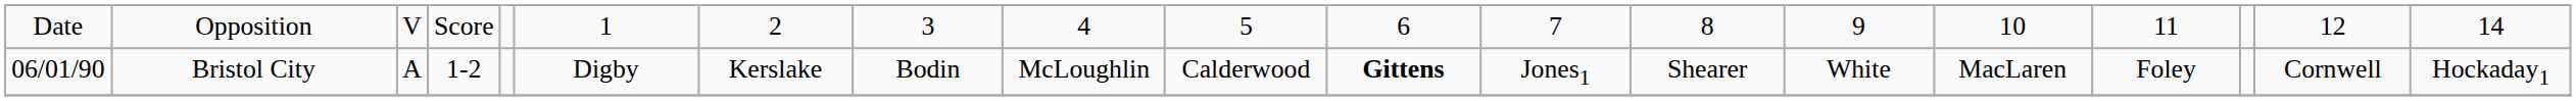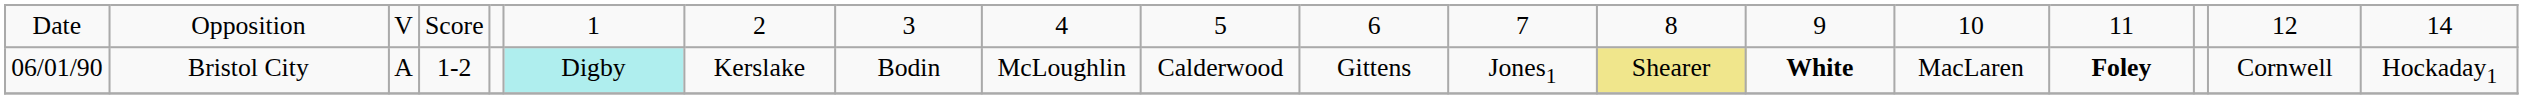 <table class="wikitable" style="font-size: 80%; text-align: center;">
 <tr style="text-align:center;">
 <td style="width:10px; ">Date</td>
 <td style="width:150px; ">Opposition</td>
 <td style="width:5px; ">V</td>
 <td style="width:5px; ">Score</td>
 <td style="width:1px; text-align:center;"></td>
 <td style="width:95px; ">1</td>
 <td style="width:75px; ">2</td>
 <td style="width:75px; ">3</td>
 <td style="width:75px; ">4</td>
 <td style="width:75px; ">5</td>
 <td style="width:75px; ">6</td>
 <td style="width:75px; ">7</td>
 <td style="width:75px; ">8</td>
 <td style="width:75px; ">9</td>
 <td style="width:75px; ">10</td>
 <td style="width:75px; ">11</td>
 <td style="width:1px; text-align:center;"></td>
 <td style="width:75px; ">12</td>
 <td style="width:75px; ">14</td>
 </tr>
 <tr>
 <td>06/01/90</td>
 <td>Bristol City</td>
 <td>A</td>
 <td>1-2</td>
 <td></td>
-<td>Digby</td>
+<td style="background: paleturquoise;">Digby</td>
 <td>Kerslake</td>
 <td>Bodin</td>
 <td>McLoughlin</td>
 <td>Calderwood</td>
-<td><strong>Gittens</strong></td>
+<td>Gittens</td>
 <td>Jones<sub>1</sub></td>
-<td>Shearer</td>
-<td>White</td>
+<td style="background: khaki;">Shearer</td>
+<td><strong>White</strong></td>
 <td>MacLaren</td>
-<td>Foley</td>
+<td><strong>Foley</strong></td>
 <td></td>
 <td>Cornwell</td>
 <td>Hockaday<sub>1</sub></td>
 </tr>
 <tr>
 </tr>
 </table>
